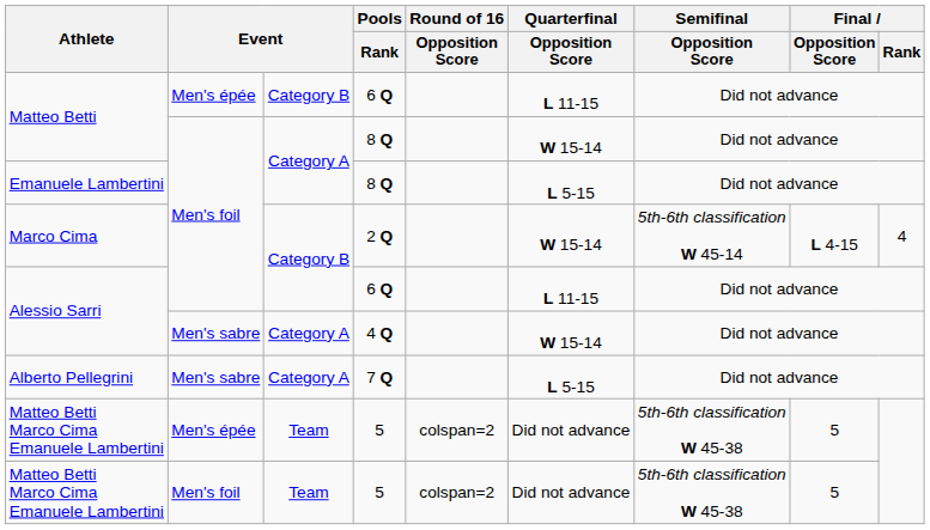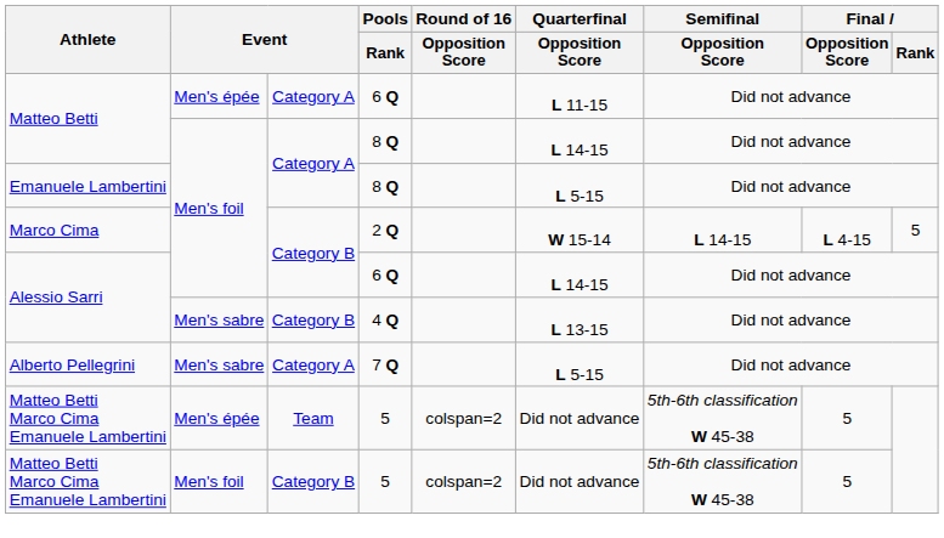 <table class="wikitable" style="font-size:90%">
 <tr>
 <th rowspan="2">Athlete</th>
 <th colspan=2 rowspan="2">Event</th>
 <th>Pools</th>
 <th>Round of 16</th>
 <th>Quarterfinal</th>
 <th>Semifinal</th>
 <th colspan=2>Final / </th>
 </tr>
 <tr style="font-size:95%">
 <th>Rank</th>
 <th>Opposition <br> Score</th>
 <th>Opposition <br> Score</th>
 <th>Opposition <br> Score</th>
 <th>Opposition <br> Score</th>
 <th>Rank</th>
 </tr>
 <tr align=center>
 <td align=left rowspan=2><a href='#'>Matteo Betti</a></td>
 <td align=left><a href='#'>Men's épée</a></td>
-<td><a href='#'>Category B</a></td>
+<td><a href='#'>Category A</a></td>
 <td>6 <strong>Q</strong></td>
 <td></td>
 <td><br><strong>L</strong> 11-15</td>
 <td colspan=4>Did not advance</td>
 </tr>
 <tr align=center>
 <td align=left rowspan=4><a href='#'>Men's foil</a></td>
 <td rowspan=2><a href='#'>Category A</a></td>
 <td>8 <strong>Q</strong></td>
 <td></td>
-<td><br><strong>W</strong> 15-14</td>
+<td><br><strong>L</strong> 14-15</td>
 <td colspan=4>Did not advance</td>
 </tr>
 <tr align=center>
 <td align=left><a href='#'>Emanuele Lambertini</a></td>
 <td>8 <strong>Q</strong></td>
 <td></td>
 <td><br><strong>L</strong> 5-15</td>
 <td colspan=4>Did not advance</td>
 </tr>
 <tr align=center>
 <td align=left><a href='#'>Marco Cima</a></td>
 <td rowspan=2><a href='#'>Category B</a></td>
 <td>2 <strong>Q</strong></td>
 <td></td>
 <td><br><strong>W</strong> 15-14</td>
-<td><em>5th-6th classification</em><br> <br><strong>W</strong> 45-14</td>
+<td><br><strong>L</strong> 14-15</td>
 <td><br><strong>L</strong> 4-15</td>
-<td>4</td>
+<td>5</td>
 </tr>
 <tr align=center>
 <td align=left rowspan=2><a href='#'>Alessio Sarri</a></td>
 <td>6 <strong>Q</strong></td>
 <td></td>
-<td><br><strong>L</strong> 11-15</td>
+<td><br><strong>L</strong> 14-15</td>
 <td colspan=4>Did not advance</td>
 </tr>
 <tr align=center>
 <td align=left><a href='#'>Men's sabre</a></td>
-<td><a href='#'>Category A</a></td>
+<td><a href='#'>Category B</a></td>
 <td>4 <strong>Q</strong></td>
 <td></td>
-<td><br><strong>W</strong> 15-14</td>
+<td><br><strong>L</strong> 13-15</td>
 <td colspan=4>Did not advance</td>
 </tr>
 <tr align=center>
 <td align=left><a href='#'>Alberto Pellegrini</a></td>
 <td align=left><a href='#'>Men's sabre</a></td>
 <td><a href='#'>Category A</a></td>
 <td>7 <strong>Q</strong></td>
 <td></td>
 <td><br><strong>L</strong> 5-15</td>
 <td colspan=4>Did not advance</td>
 </tr>
 <tr align=center>
 <td align=left><a href='#'>Matteo Betti</a><br><a href='#'>Marco Cima</a><br><a href='#'>Emanuele Lambertini</a></td>
 <td align=left><a href='#'>Men's épée</a></td>
 <td><a href='#'>Team</a></td>
 <td>5</td>
 <td>colspan=2 </td>
 <td>Did not advance</td>
 <td><em>5th-6th classification</em><br> <br><strong>W</strong> 45-38</td>
 <td>5</td>
 </tr>
 <tr align=center>
 <td align=left><a href='#'>Matteo Betti</a><br><a href='#'>Marco Cima</a><br><a href='#'>Emanuele Lambertini</a></td>
 <td align=left><a href='#'>Men's foil</a></td>
-<td><a href='#'>Team</a></td>
+<td><a href='#'>Category B</a></td>
 <td>5</td>
 <td>colspan=2 </td>
 <td>Did not advance</td>
 <td><em>5th-6th classification</em><br> <br><strong>W</strong> 45-38</td>
 <td>5</td>
 </tr>
 </table>
